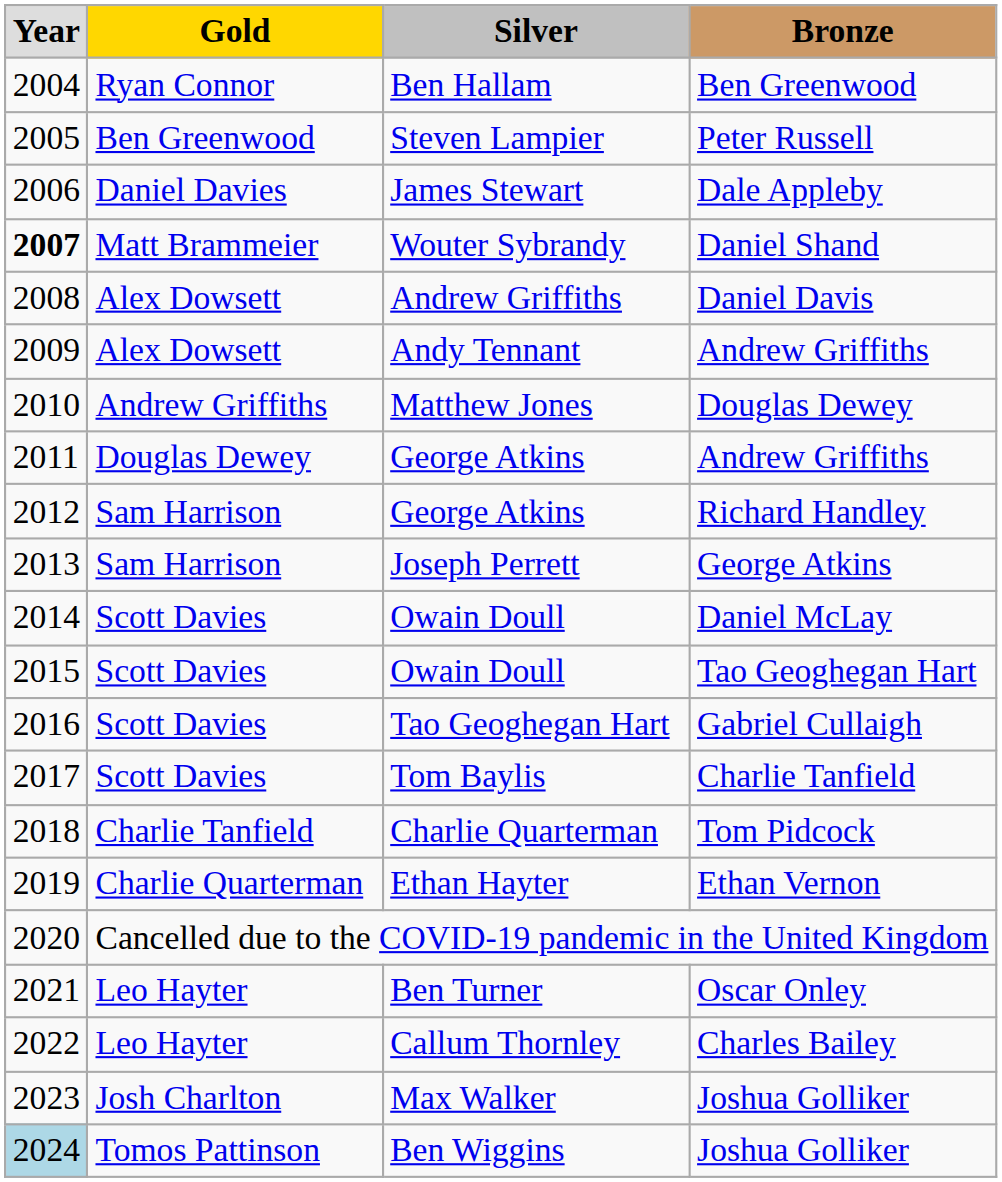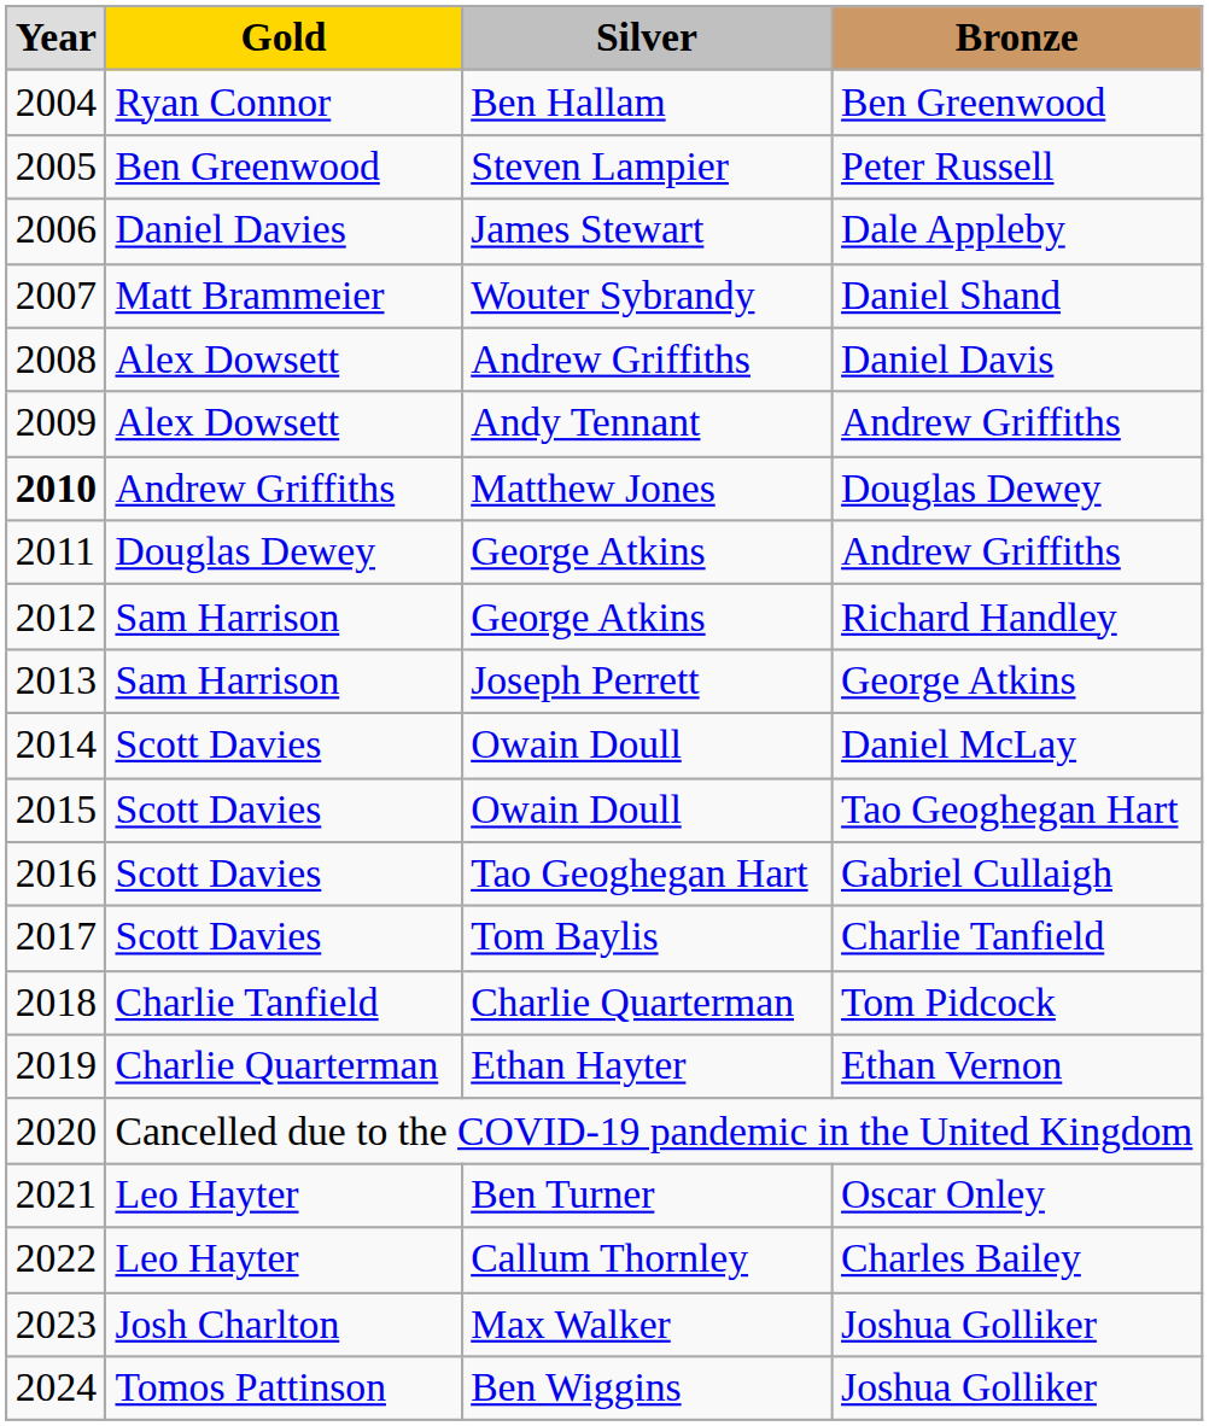 <table class="wikitable" style="text-align:left;">
 <tr style="text-align:center; font-weight:bold;">
 <td style="background:#ddd; ">Year</td>
 <td style="background:gold; ">Gold</td>
 <td style="background:silver; ">Silver</td>
 <td style="background:#c96; ">Bronze</td>
 </tr>
 <tr>
 <td>2004</td>
 <td><a href='#'>Ryan Connor</a></td>
 <td><a href='#'>Ben Hallam</a></td>
 <td><a href='#'>Ben Greenwood</a></td>
 </tr>
 <tr>
 <td>2005</td>
 <td><a href='#'>Ben Greenwood</a></td>
 <td><a href='#'>Steven Lampier</a></td>
 <td><a href='#'>Peter Russell</a></td>
 </tr>
 <tr>
 <td>2006</td>
 <td><a href='#'>Daniel Davies</a></td>
 <td><a href='#'>James Stewart</a></td>
 <td><a href='#'>Dale Appleby</a></td>
 </tr>
 <tr>
-<td><strong>2007</strong></td>
+<td>2007</td>
 <td> <a href='#'>Matt Brammeier</a></td>
 <td> <a href='#'>Wouter Sybrandy</a></td>
 <td><a href='#'>Daniel Shand</a></td>
 </tr>
 <tr>
 <td>2008</td>
 <td><a href='#'>Alex Dowsett</a></td>
 <td><a href='#'>Andrew Griffiths</a></td>
 <td><a href='#'>Daniel Davis</a></td>
 </tr>
 <tr>
 <td>2009</td>
 <td><a href='#'>Alex Dowsett</a></td>
 <td><a href='#'>Andy Tennant</a></td>
 <td><a href='#'>Andrew Griffiths</a></td>
 </tr>
 <tr>
-<td>2010</td>
+<td><strong>2010</strong></td>
 <td><a href='#'>Andrew Griffiths</a></td>
 <td><a href='#'>Matthew Jones</a></td>
 <td><a href='#'>Douglas Dewey</a></td>
 </tr>
 <tr>
 <td>2011</td>
 <td><a href='#'>Douglas Dewey</a></td>
 <td><a href='#'>George Atkins</a></td>
 <td><a href='#'>Andrew Griffiths</a></td>
 </tr>
 <tr>
 <td>2012</td>
 <td><a href='#'>Sam Harrison</a></td>
 <td><a href='#'>George Atkins</a></td>
 <td><a href='#'>Richard Handley</a></td>
 </tr>
 <tr>
 <td>2013</td>
 <td><a href='#'>Sam Harrison</a></td>
 <td><a href='#'>Joseph Perrett</a></td>
 <td><a href='#'>George Atkins</a></td>
 </tr>
 <tr>
 <td>2014</td>
 <td><a href='#'>Scott Davies</a></td>
 <td><a href='#'>Owain Doull</a></td>
 <td><a href='#'>Daniel McLay</a></td>
 </tr>
 <tr>
 <td>2015</td>
 <td><a href='#'>Scott Davies</a></td>
 <td><a href='#'>Owain Doull</a></td>
 <td><a href='#'>Tao Geoghegan Hart</a></td>
 </tr>
 <tr>
 <td>2016</td>
 <td><a href='#'>Scott Davies</a></td>
 <td><a href='#'>Tao Geoghegan Hart</a></td>
 <td><a href='#'>Gabriel Cullaigh</a></td>
 </tr>
 <tr>
 <td>2017</td>
 <td><a href='#'>Scott Davies</a></td>
 <td><a href='#'>Tom Baylis</a></td>
 <td><a href='#'>Charlie Tanfield</a></td>
 </tr>
 <tr>
 <td>2018</td>
 <td><a href='#'>Charlie Tanfield</a></td>
 <td><a href='#'>Charlie Quarterman</a></td>
 <td><a href='#'>Tom Pidcock</a></td>
 </tr>
 <tr>
 <td>2019</td>
 <td><a href='#'>Charlie Quarterman</a></td>
 <td><a href='#'>Ethan Hayter</a></td>
 <td><a href='#'>Ethan Vernon</a></td>
 </tr>
 <tr>
 <td>2020</td>
 <td colspan="4" align="center">Cancelled due to the <a href='#'>COVID-19 pandemic in the United Kingdom</a></td>
 </tr>
 <tr>
 <td>2021</td>
 <td><a href='#'>Leo Hayter</a></td>
 <td><a href='#'>Ben Turner</a></td>
 <td><a href='#'>Oscar Onley</a></td>
 </tr>
 <tr>
 <td>2022</td>
 <td><a href='#'>Leo Hayter</a></td>
 <td><a href='#'>Callum Thornley</a></td>
 <td><a href='#'>Charles Bailey</a></td>
 </tr>
 <tr>
 <td>2023</td>
 <td><a href='#'>Josh Charlton</a></td>
 <td><a href='#'>Max Walker</a></td>
 <td><a href='#'>Joshua Golliker</a></td>
 </tr>
 <tr>
-<td style="background: lightblue;">2024</td>
+<td>2024</td>
 <td><a href='#'>Tomos Pattinson</a></td>
 <td><a href='#'>Ben Wiggins</a></td>
 <td><a href='#'>Joshua Golliker</a></td>
 </tr>
 </table>
